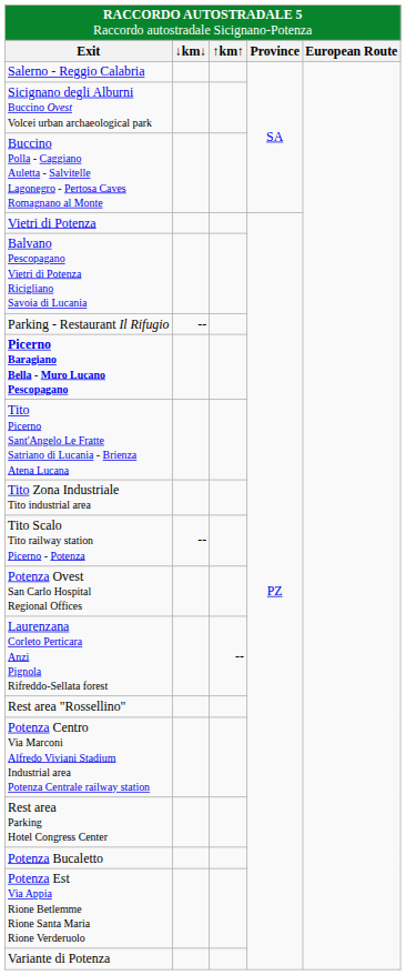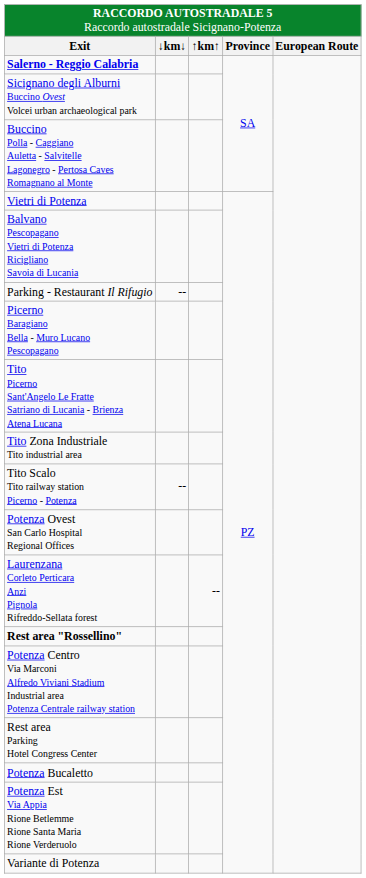 <table class="wikitable" border="1">
 <tr align="center" bgcolor="08842C" style="color: white;font-size:100%;">
 <td colspan="6"><strong> RACCORDO AUTOSTRADALE 5</strong><br>Raccordo autostradale Sicignano-Potenza</td>
 </tr>
 <tr>
 <th style="text-align:center;"><strong>Exit</strong></th>
 <th style="text-align:center;"><strong>↓km↓</strong></th>
 <th style="text-align:center;"><strong>↑km↑</strong></th>
 <th align="center"><strong>Province</strong></th>
 <th align="center"><strong>European Route</strong></th>
 </tr>
 <tr>
-<td>   <a href='#'>Salerno - Reggio Calabria</a></td>
+<td><strong>   <a href='#'>Salerno - Reggio Calabria</a></strong></td>
 <td align="right"></td>
 <td align="right"></td>
 <td rowspan=3 align="center"><a href='#'>SA</a></td>
 <td rowspan="18" align="center"></td>
 </tr>
 <tr>
 <td> <a href='#'>Sicignano degli Alburni</a><br><small> <a href='#'>Buccino <em>Ovest</em></a><br> Volcei urban archaeological park</small></td>
 <td align="right"></td>
 <td align="right"></td>
 </tr>
 <tr>
 <td> <a href='#'>Buccino</a><br><small> <a href='#'>Polla</a> - <a href='#'>Caggiano</a><br><a href='#'>Auletta</a> - <a href='#'>Salvitelle</a><br> <a href='#'>Lagonegro</a> -  <a href='#'>Pertosa Caves</a><br><a href='#'>Romagnano al Monte</a></small></td>
 <td align="right"></td>
 <td align="right"></td>
 </tr>
 <tr>
 <td> <a href='#'>Vietri di Potenza</a></td>
 <td align="right"></td>
 <td align="right"></td>
 <td rowspan="21" align="center"><a href='#'>PZ</a></td>
 </tr>
 <tr>
 <td> <a href='#'>Balvano</a><br><small> <a href='#'>Pescopagano</a><br><a href='#'>Vietri di Potenza</a><br><a href='#'>Ricigliano</a><br><a href='#'>Savoia di Lucania</a></small></td>
 <td align="right"></td>
 <td align="right"></td>
 </tr>
 <tr>
 <td>   Parking - Restaurant <em>Il Rifugio</em></td>
 <td align="right">--</td>
 <td align="right"></td>
 </tr>
 <tr>
-<td><strong> <a href='#'>Picerno</a><br><small>  <a href='#'>Baragiano</a><br><a href='#'>Bella</a> - <a href='#'>Muro Lucano</a><br> <a href='#'>Pescopagano</a></small></strong></td>
+<td> <a href='#'>Picerno</a><br><small>  <a href='#'>Baragiano</a><br><a href='#'>Bella</a> - <a href='#'>Muro Lucano</a><br> <a href='#'>Pescopagano</a></small></td>
 <td align="right"></td>
 <td align="right"></td>
 </tr>
 <tr>
 <td> <a href='#'>Tito</a><br><small> <a href='#'>Picerno</a><br> <a href='#'>Sant'Angelo Le Fratte</a><br> <a href='#'>Satriano di Lucania</a> - <a href='#'>Brienza</a><br> <a href='#'>Atena Lucana</a></small></td>
 <td align="right"></td>
 <td align="right"></td>
 </tr>
 <tr>
 <td> <a href='#'>Tito</a> Zona Industriale<br><small> Tito industrial area</small></td>
 <td align="right"></td>
 <td align="right"></td>
 </tr>
 <tr>
 <td> Tito Scalo<br><small> Tito railway station</small><br><small> <a href='#'>Picerno</a> - <a href='#'>Potenza</a></small></td>
 <td align="right">--</td>
 <td align="right"></td>
 </tr>
 <tr>
 <td> <a href='#'>Potenza</a> Ovest<br><small> San Carlo Hospital<br>Regional Offices</small></td>
 <td align="right"></td>
 <td align="right"></td>
 </tr>
 <tr>
 <td> <a href='#'>Laurenzana</a><br><small><a href='#'>Corleto Perticara</a><br><a href='#'>Anzi</a><br><a href='#'>Pignola</a><br> Rifreddo-Sellata forest</small></td>
 <td align="right"></td>
 <td align="right">--</td>
 </tr>
 <tr>
-<td>  Rest area "Rossellino"</td>
+<td><strong>  Rest area "Rossellino"</strong></td>
 <td align="right"></td>
 <td align="right"></td>
 </tr>
 <tr>
 <td> <a href='#'>Potenza</a> Centro<br><small> Via Marconi<br> <a href='#'>Alfredo Viviani Stadium</a><br> Industrial area<br> <a href='#'>Potenza Centrale railway station</a></small></td>
 <td align="right"></td>
 <td align="right"></td>
 </tr>
 <tr>
 <td>  Rest area<br><small>  Parking<br>  Hotel Congress Center</small></td>
 <td align="right"></td>
 <td align="right"></td>
 </tr>
 <tr>
 <td> <a href='#'>Potenza</a> Bucaletto</td>
 <td align="right"></td>
 <td align="right"></td>
 </tr>
 <tr>
 <td> <a href='#'>Potenza</a> Est<br><small> <a href='#'>Via Appia</a><br>Rione Betlemme<br>Rione Santa Maria<br>Rione Verderuolo</small></td>
 <td align="right"></td>
 <td align="right"></td>
 </tr>
 <tr>
 <td>    Variante di Potenza</td>
 <td align="right"></td>
 <td align="right"></td>
 </tr>
 </table>
